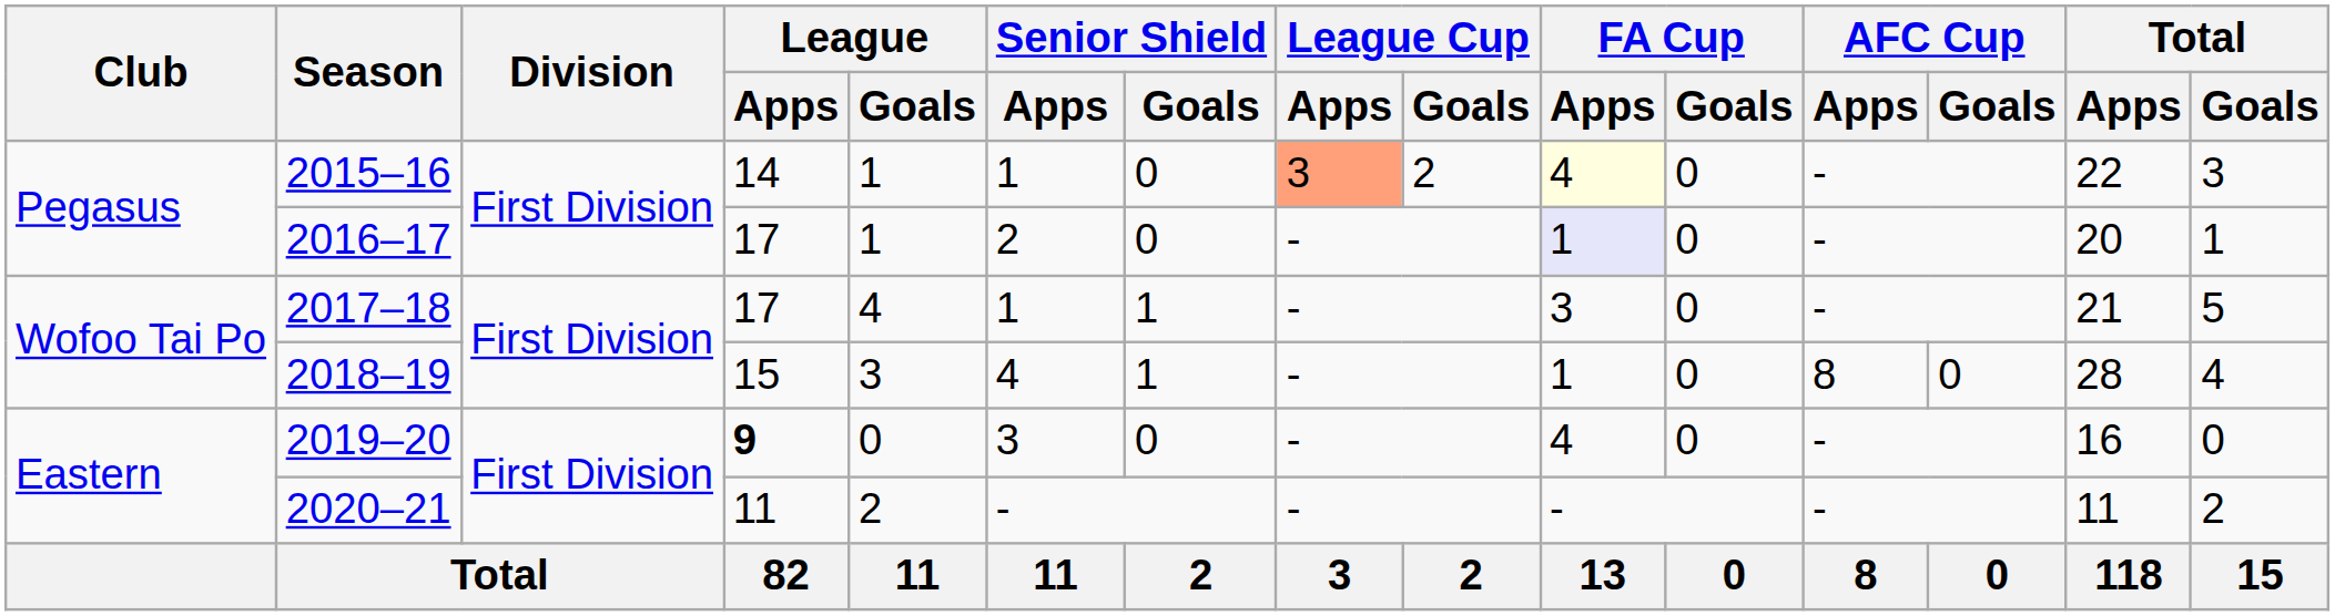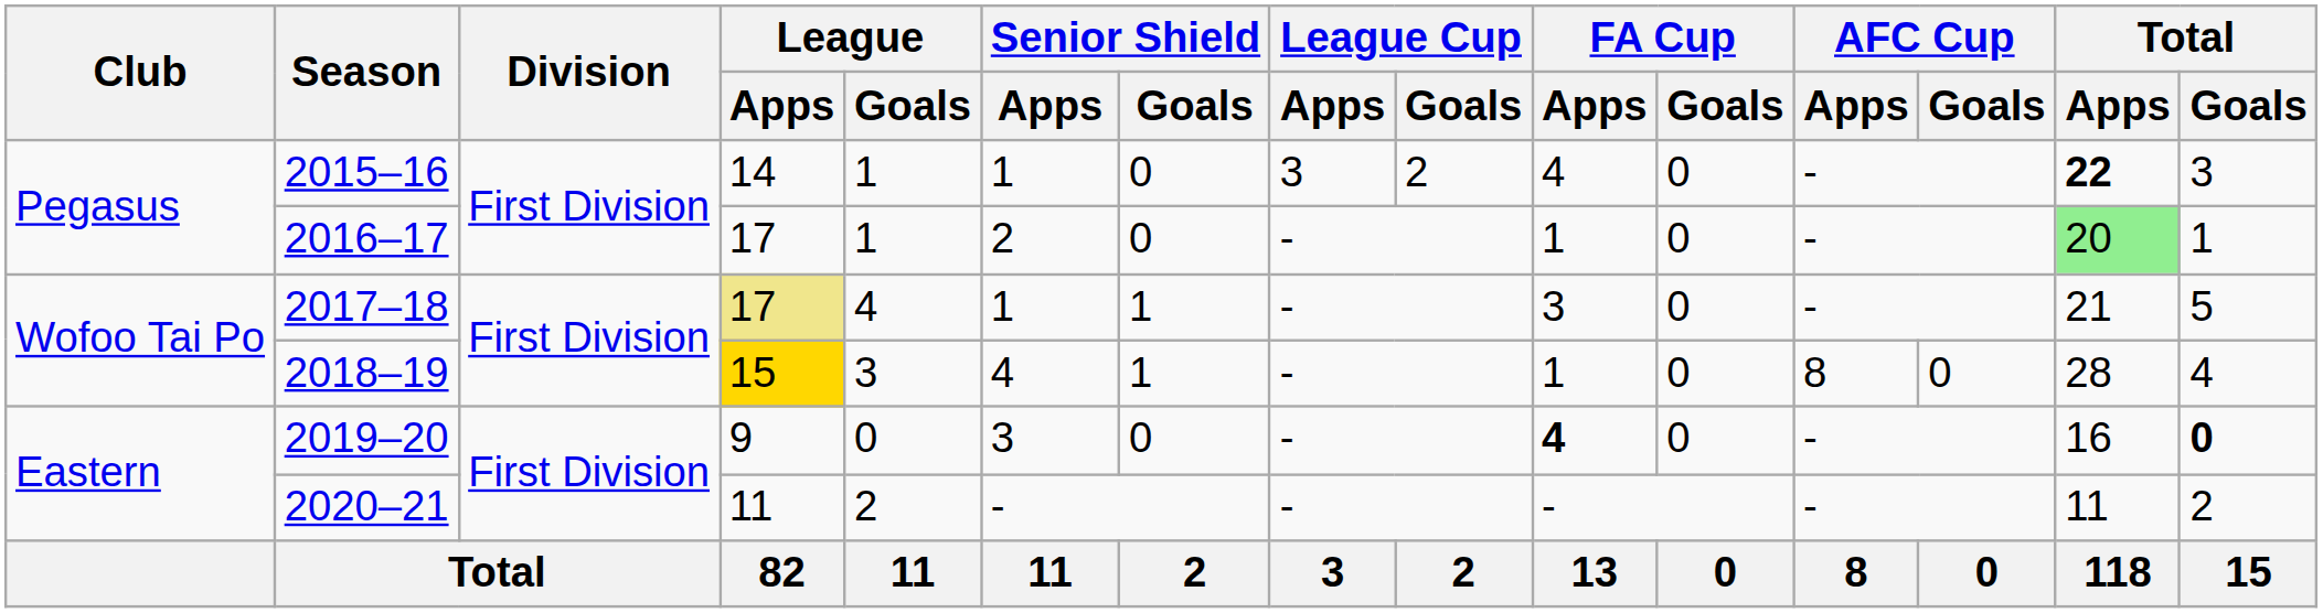 <table class="wikitable">
 <tr>
 <th rowspan="2">Club</th>
 <th rowspan="2">Season</th>
 <th rowspan="2">Division</th>
 <th colspan="2">League</th>
 <th colspan="2"><a href='#'>Senior Shield</a></th>
 <th colspan="2"><a href='#'>League Cup</a></th>
 <th colspan="2"><a href='#'>FA Cup</a></th>
 <th colspan="2"><a href='#'>AFC Cup</a></th>
 <th colspan="2">Total</th>
 </tr>
 <tr>
 <th>Apps</th>
 <th>Goals</th>
 <th>Apps</th>
 <th>Goals</th>
 <th>Apps</th>
 <th>Goals</th>
 <th>Apps</th>
 <th>Goals</th>
 <th>Apps</th>
 <th>Goals</th>
 <th>Apps</th>
 <th>Goals</th>
 </tr>
 <tr>
 <td rowspan="2"><a href='#'>Pegasus</a></td>
 <td><a href='#'>2015–16</a></td>
 <td rowspan="2"><a href='#'>First Division</a></td>
 <td>14</td>
 <td>1</td>
 <td>1</td>
 <td>0</td>
-<td style="background: lightsalmon;">3</td>
+<td>3</td>
 <td>2</td>
-<td style="background: lightyellow;">4</td>
+<td>4</td>
 <td>0</td>
 <td colspan="2">-</td>
-<td>22</td>
+<td><strong>22</strong></td>
 <td>3</td>
 </tr>
 <tr>
 <td><a href='#'>2016–17</a></td>
 <td>17</td>
 <td>1</td>
 <td>2</td>
 <td>0</td>
 <td colspan="2">-</td>
-<td style="background: lavender;">1</td>
+<td>1</td>
 <td>0</td>
 <td colspan="2">-</td>
-<td>20</td>
+<td style="background: lightgreen;">20</td>
 <td>1</td>
 </tr>
 <tr>
 <td rowspan="2"><a href='#'>Wofoo Tai Po</a></td>
 <td><a href='#'>2017–18</a></td>
 <td rowspan="2"><a href='#'>First Division</a></td>
-<td>17</td>
+<td style="background: khaki;">17</td>
 <td>4</td>
 <td>1</td>
 <td>1</td>
 <td colspan="2">-</td>
 <td>3</td>
 <td>0</td>
 <td colspan="2">-</td>
 <td>21</td>
 <td>5</td>
 </tr>
 <tr>
 <td><a href='#'>2018–19</a></td>
-<td>15</td>
+<td style="background: gold;">15</td>
 <td>3</td>
 <td>4</td>
 <td>1</td>
 <td colspan="2">-</td>
 <td>1</td>
 <td>0</td>
 <td>8</td>
 <td>0</td>
 <td>28</td>
 <td>4</td>
 </tr>
 <tr>
 <td rowspan="2"><a href='#'>Eastern</a></td>
 <td><a href='#'>2019–20</a></td>
 <td rowspan="2"><a href='#'>First Division</a></td>
-<td><strong>9</strong></td>
+<td>9</td>
 <td>0</td>
 <td>3</td>
 <td>0</td>
 <td colspan="2">-</td>
-<td>4</td>
+<td><strong>4</strong></td>
 <td>0</td>
 <td colspan="2">-</td>
 <td>16</td>
-<td>0</td>
+<td><strong>0</strong></td>
 </tr>
 <tr>
 <td><a href='#'>2020–21</a></td>
 <td>11</td>
 <td>2</td>
 <td colspan="2">-</td>
 <td colspan="2">-</td>
 <td colspan="2">-</td>
 <td colspan="2">-</td>
 <td>11</td>
 <td>2</td>
 </tr>
 <tr>
 <th></th>
 <th colspan="2">Total</th>
 <th>82</th>
 <th>11</th>
 <th>11</th>
 <th>2</th>
 <th>3</th>
 <th>2</th>
 <th>13</th>
 <th>0</th>
 <th>8</th>
 <th>0</th>
 <th>118</th>
 <th>15</th>
 </tr>
 </table>
